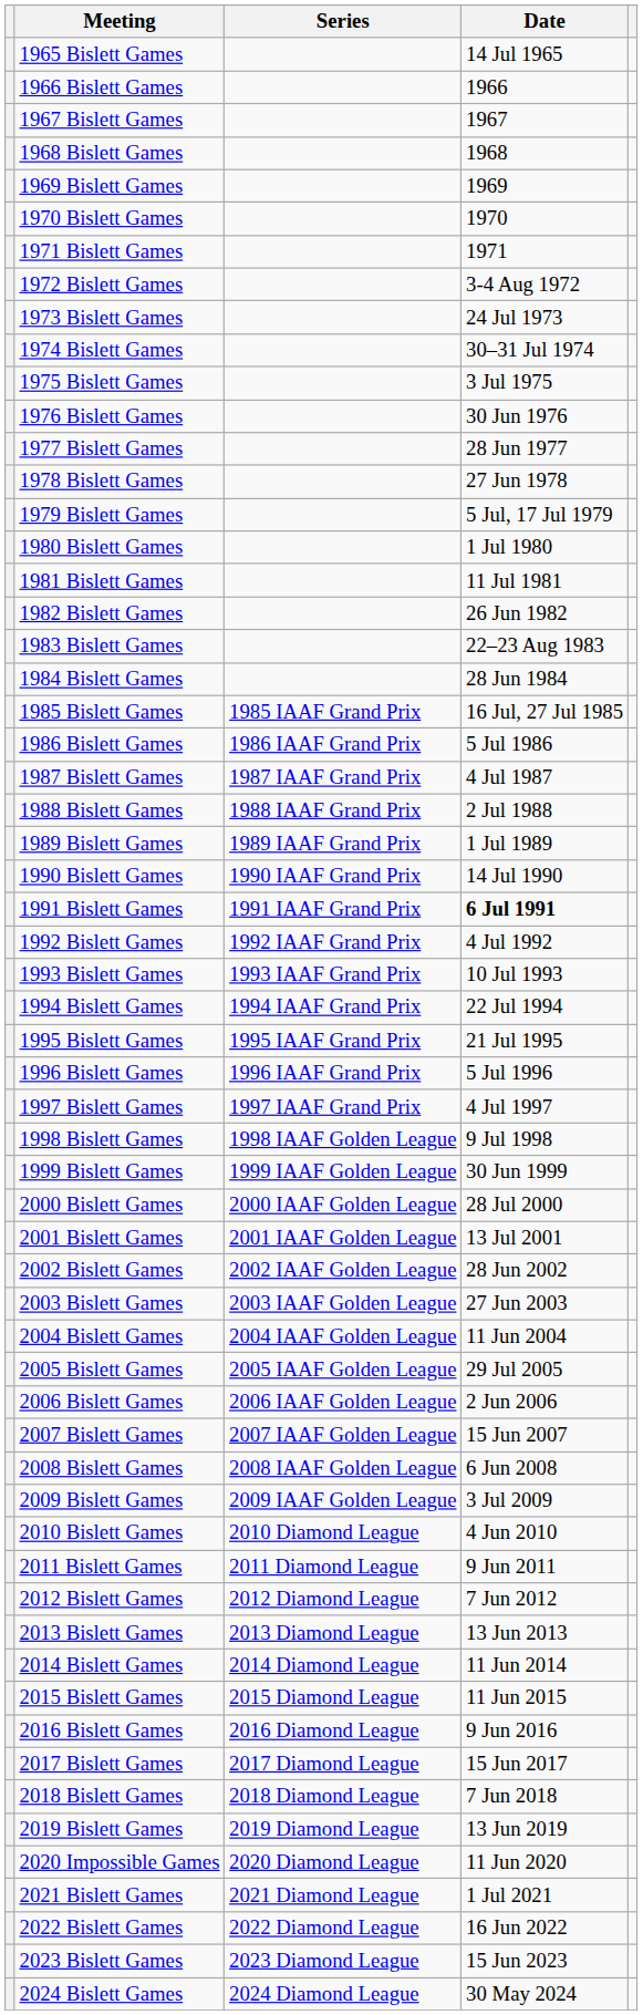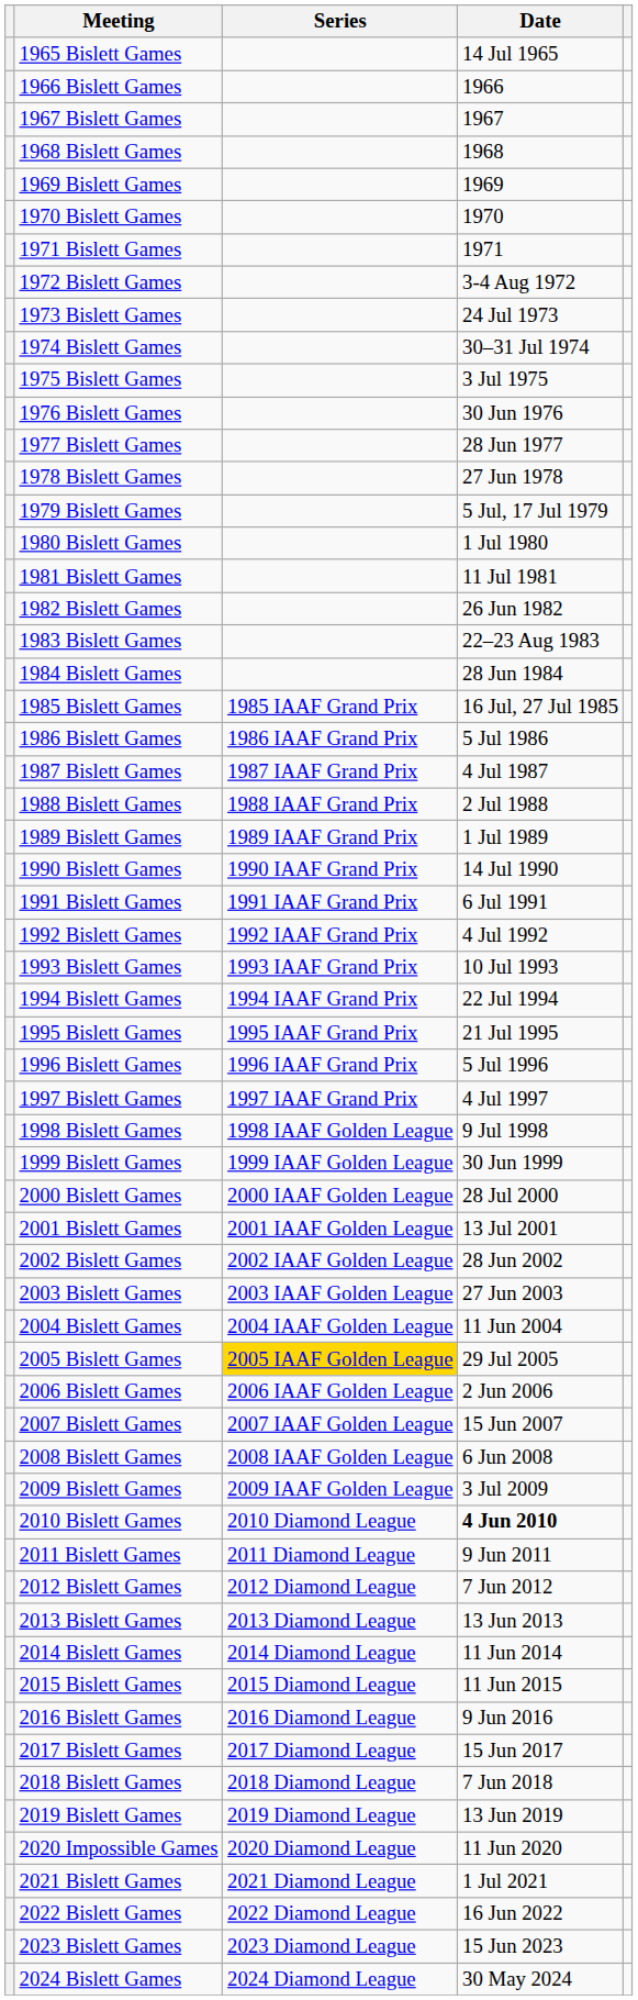 <table class="wikitable plainrowheaders sticky-header defaultleft col4right">
 <tr>
 <th scope="col"></th>
 <th scope="col">Meeting</th>
 <th scope="col">Series</th>
 <th scope="col">Date</th>
 <th scope="col"></th>
 </tr>
 <tr>
 <th scope="row"></th>
 <td><a href='#'>1965 Bislett Games</a></td>
 <td></td>
 <td>14 Jul 1965</td>
 <td></td>
 </tr>
 <tr>
 <th scope="row"></th>
 <td><a href='#'>1966 Bislett Games</a></td>
 <td></td>
 <td>1966</td>
 <td></td>
 </tr>
 <tr>
 <th scope="row"></th>
 <td><a href='#'>1967 Bislett Games</a></td>
 <td></td>
 <td>1967</td>
 <td></td>
 </tr>
 <tr>
 <th scope="row"></th>
 <td><a href='#'>1968 Bislett Games</a></td>
 <td></td>
 <td>1968</td>
 <td></td>
 </tr>
 <tr>
 <th scope="row"></th>
 <td><a href='#'>1969 Bislett Games</a></td>
 <td></td>
 <td>1969</td>
 <td></td>
 </tr>
 <tr>
 <th scope="row"></th>
 <td><a href='#'>1970 Bislett Games</a></td>
 <td></td>
 <td>1970</td>
 <td></td>
 </tr>
 <tr>
 <th scope="row"></th>
 <td><a href='#'>1971 Bislett Games</a></td>
 <td></td>
 <td>1971</td>
 <td></td>
 </tr>
 <tr>
 <th scope="row"></th>
 <td><a href='#'>1972 Bislett Games</a></td>
 <td></td>
 <td>3-4 Aug 1972</td>
 <td></td>
 </tr>
 <tr>
 <th scope="row"></th>
 <td><a href='#'>1973 Bislett Games</a></td>
 <td></td>
 <td>24 Jul 1973</td>
 <td></td>
 </tr>
 <tr>
 <th scope="row"></th>
 <td><a href='#'>1974 Bislett Games</a></td>
 <td></td>
 <td>30–31 Jul 1974</td>
 <td></td>
 </tr>
 <tr>
 <th scope="row"></th>
 <td><a href='#'>1975 Bislett Games</a></td>
 <td></td>
 <td>3 Jul 1975</td>
 <td></td>
 </tr>
 <tr>
 <th scope="row"></th>
 <td><a href='#'>1976 Bislett Games</a></td>
 <td></td>
 <td>30 Jun 1976</td>
 <td></td>
 </tr>
 <tr>
 <th scope="row"></th>
 <td><a href='#'>1977 Bislett Games</a></td>
 <td></td>
 <td>28 Jun 1977</td>
 <td></td>
 </tr>
 <tr>
 <th scope="row"></th>
 <td><a href='#'>1978 Bislett Games</a></td>
 <td></td>
 <td>27 Jun 1978</td>
 <td></td>
 </tr>
 <tr>
 <th scope="row"></th>
 <td><a href='#'>1979 Bislett Games</a></td>
 <td></td>
 <td>5 Jul, 17 Jul 1979</td>
 <td></td>
 </tr>
 <tr>
 <th scope="row"></th>
 <td><a href='#'>1980 Bislett Games</a></td>
 <td></td>
 <td>1 Jul 1980</td>
 <td></td>
 </tr>
 <tr>
 <th scope="row"></th>
 <td><a href='#'>1981 Bislett Games</a></td>
 <td></td>
 <td>11 Jul 1981</td>
 <td></td>
 </tr>
 <tr>
 <th scope="row"></th>
 <td><a href='#'>1982 Bislett Games</a></td>
 <td></td>
 <td>26 Jun 1982</td>
 <td></td>
 </tr>
 <tr>
 <th scope="row"></th>
 <td><a href='#'>1983 Bislett Games</a></td>
 <td></td>
 <td>22–23 Aug 1983</td>
 <td></td>
 </tr>
 <tr>
 <th scope="row"></th>
 <td><a href='#'>1984 Bislett Games</a></td>
 <td></td>
 <td>28 Jun 1984</td>
 <td></td>
 </tr>
 <tr>
 <th scope="row"></th>
 <td><a href='#'>1985 Bislett Games</a></td>
 <td><a href='#'>1985 IAAF Grand Prix</a></td>
 <td>16 Jul, 27 Jul 1985</td>
 <td></td>
 </tr>
 <tr>
 <th scope="row"></th>
 <td><a href='#'>1986 Bislett Games</a></td>
 <td><a href='#'>1986 IAAF Grand Prix</a></td>
 <td>5 Jul 1986</td>
 <td></td>
 </tr>
 <tr>
 <th scope="row"></th>
 <td><a href='#'>1987 Bislett Games</a></td>
 <td><a href='#'>1987 IAAF Grand Prix</a></td>
 <td>4 Jul 1987</td>
 <td></td>
 </tr>
 <tr>
 <th scope="row"></th>
 <td><a href='#'>1988 Bislett Games</a></td>
 <td><a href='#'>1988 IAAF Grand Prix</a></td>
 <td>2 Jul 1988</td>
 <td></td>
 </tr>
 <tr>
 <th scope="row"></th>
 <td><a href='#'>1989 Bislett Games</a></td>
 <td><a href='#'>1989 IAAF Grand Prix</a></td>
 <td>1 Jul 1989</td>
 <td></td>
 </tr>
 <tr>
 <th scope="row"></th>
 <td><a href='#'>1990 Bislett Games</a></td>
 <td><a href='#'>1990 IAAF Grand Prix</a></td>
 <td>14 Jul 1990</td>
 <td></td>
 </tr>
 <tr>
 <th scope="row"></th>
 <td><a href='#'>1991 Bislett Games</a></td>
 <td><a href='#'>1991 IAAF Grand Prix</a></td>
-<td><strong>6 Jul 1991</strong></td>
+<td>6 Jul 1991</td>
 <td></td>
 </tr>
 <tr>
 <th scope="row"></th>
 <td><a href='#'>1992 Bislett Games</a></td>
 <td><a href='#'>1992 IAAF Grand Prix</a></td>
 <td>4 Jul 1992</td>
 <td></td>
 </tr>
 <tr>
 <th scope="row"></th>
 <td><a href='#'>1993 Bislett Games</a></td>
 <td><a href='#'>1993 IAAF Grand Prix</a></td>
 <td>10 Jul 1993</td>
 <td></td>
 </tr>
 <tr>
 <th scope="row"></th>
 <td><a href='#'>1994 Bislett Games</a></td>
 <td><a href='#'>1994 IAAF Grand Prix</a></td>
 <td>22 Jul 1994</td>
 <td></td>
 </tr>
 <tr>
 <th scope="row"></th>
 <td><a href='#'>1995 Bislett Games</a></td>
 <td><a href='#'>1995 IAAF Grand Prix</a></td>
 <td>21 Jul 1995</td>
 <td></td>
 </tr>
 <tr>
 <th scope="row"></th>
 <td><a href='#'>1996 Bislett Games</a></td>
 <td><a href='#'>1996 IAAF Grand Prix</a></td>
 <td>5 Jul 1996</td>
 <td></td>
 </tr>
 <tr>
 <th scope="row"></th>
 <td><a href='#'>1997 Bislett Games</a></td>
 <td><a href='#'>1997 IAAF Grand Prix</a></td>
 <td>4 Jul 1997</td>
 <td></td>
 </tr>
 <tr>
 <th scope="row"></th>
 <td><a href='#'>1998 Bislett Games</a></td>
 <td><a href='#'>1998 IAAF Golden League</a></td>
 <td>9 Jul 1998</td>
 <td></td>
 </tr>
 <tr>
 <th scope="row"></th>
 <td><a href='#'>1999 Bislett Games</a></td>
 <td><a href='#'>1999 IAAF Golden League</a></td>
 <td>30 Jun 1999</td>
 <td></td>
 </tr>
 <tr>
 <th scope="row"></th>
 <td><a href='#'>2000 Bislett Games</a></td>
 <td><a href='#'>2000 IAAF Golden League</a></td>
 <td>28 Jul 2000</td>
 <td></td>
 </tr>
 <tr>
 <th scope="row"></th>
 <td><a href='#'>2001 Bislett Games</a></td>
 <td><a href='#'>2001 IAAF Golden League</a></td>
 <td>13 Jul 2001</td>
 <td></td>
 </tr>
 <tr>
 <th scope="row"></th>
 <td><a href='#'>2002 Bislett Games</a></td>
 <td><a href='#'>2002 IAAF Golden League</a></td>
 <td>28 Jun 2002</td>
 <td></td>
 </tr>
 <tr>
 <th scope="row"></th>
 <td><a href='#'>2003 Bislett Games</a></td>
 <td><a href='#'>2003 IAAF Golden League</a></td>
 <td>27 Jun 2003</td>
 <td></td>
 </tr>
 <tr>
 <th scope="row"></th>
 <td><a href='#'>2004 Bislett Games</a></td>
 <td><a href='#'>2004 IAAF Golden League</a></td>
 <td>11 Jun 2004</td>
 <td></td>
 </tr>
 <tr>
 <th scope="row"></th>
 <td><a href='#'>2005 Bislett Games</a></td>
-<td><a href='#'>2005 IAAF Golden League</a></td>
+<td style="background: gold;"><a href='#'>2005 IAAF Golden League</a></td>
 <td>29 Jul 2005</td>
 <td></td>
 </tr>
 <tr>
 <th scope="row"></th>
 <td><a href='#'>2006 Bislett Games</a></td>
 <td><a href='#'>2006 IAAF Golden League</a></td>
 <td>2 Jun 2006</td>
 <td></td>
 </tr>
 <tr>
 <th scope="row"></th>
 <td><a href='#'>2007 Bislett Games</a></td>
 <td><a href='#'>2007 IAAF Golden League</a></td>
 <td>15 Jun 2007</td>
 <td></td>
 </tr>
 <tr>
 <th scope="row"></th>
 <td><a href='#'>2008 Bislett Games</a></td>
 <td><a href='#'>2008 IAAF Golden League</a></td>
 <td>6 Jun 2008</td>
 <td></td>
 </tr>
 <tr>
 <th scope="row"></th>
 <td><a href='#'>2009 Bislett Games</a></td>
 <td><a href='#'>2009 IAAF Golden League</a></td>
 <td>3 Jul 2009</td>
 <td></td>
 </tr>
 <tr>
 <th scope="row"></th>
 <td><a href='#'>2010 Bislett Games</a></td>
 <td><a href='#'>2010 Diamond League</a></td>
-<td>4 Jun 2010</td>
+<td><strong>4 Jun 2010</strong></td>
 <td></td>
 </tr>
 <tr>
 <th scope="row"></th>
 <td><a href='#'>2011 Bislett Games</a></td>
 <td><a href='#'>2011 Diamond League</a></td>
 <td>9 Jun 2011</td>
 <td></td>
 </tr>
 <tr>
 <th scope="row"></th>
 <td><a href='#'>2012 Bislett Games</a></td>
 <td><a href='#'>2012 Diamond League</a></td>
 <td>7 Jun 2012</td>
 <td></td>
 </tr>
 <tr>
 <th scope="row"></th>
 <td><a href='#'>2013 Bislett Games</a></td>
 <td><a href='#'>2013 Diamond League</a></td>
 <td>13 Jun 2013</td>
 <td></td>
 </tr>
 <tr>
 <th scope="row"></th>
 <td><a href='#'>2014 Bislett Games</a></td>
 <td><a href='#'>2014 Diamond League</a></td>
 <td>11 Jun 2014</td>
 <td></td>
 </tr>
 <tr>
 <th scope="row"></th>
 <td><a href='#'>2015 Bislett Games</a></td>
 <td><a href='#'>2015 Diamond League</a></td>
 <td>11 Jun 2015</td>
 <td></td>
 </tr>
 <tr>
 <th scope="row"></th>
 <td><a href='#'>2016 Bislett Games</a></td>
 <td><a href='#'>2016 Diamond League</a></td>
 <td>9 Jun 2016</td>
 <td></td>
 </tr>
 <tr>
 <th scope="row"></th>
 <td><a href='#'>2017 Bislett Games</a></td>
 <td><a href='#'>2017 Diamond League</a></td>
 <td>15 Jun 2017</td>
 <td></td>
 </tr>
 <tr>
 <th scope="row"></th>
 <td><a href='#'>2018 Bislett Games</a></td>
 <td><a href='#'>2018 Diamond League</a></td>
 <td>7 Jun 2018</td>
 <td></td>
 </tr>
 <tr>
 <th scope="row"></th>
 <td><a href='#'>2019 Bislett Games</a></td>
 <td><a href='#'>2019 Diamond League</a></td>
 <td>13 Jun 2019</td>
 <td></td>
 </tr>
 <tr>
 <th scope="row"></th>
 <td><a href='#'>2020 Impossible Games</a></td>
 <td><a href='#'>2020 Diamond League</a></td>
 <td>11 Jun 2020</td>
 <td></td>
 </tr>
 <tr>
 <th scope="row"></th>
 <td><a href='#'>2021 Bislett Games</a></td>
 <td><a href='#'>2021 Diamond League</a></td>
 <td>1 Jul 2021</td>
 <td></td>
 </tr>
 <tr>
 <th scope="row"></th>
 <td><a href='#'>2022 Bislett Games</a></td>
 <td><a href='#'>2022 Diamond League</a></td>
 <td>16 Jun 2022</td>
 <td></td>
 </tr>
 <tr>
 <th scope="row"></th>
 <td><a href='#'>2023 Bislett Games</a></td>
 <td><a href='#'>2023 Diamond League</a></td>
 <td>15 Jun 2023</td>
 <td></td>
 </tr>
 <tr>
 <th scope="row"></th>
 <td><a href='#'>2024 Bislett Games</a></td>
 <td><a href='#'>2024 Diamond League</a></td>
 <td>30 May 2024</td>
 <td></td>
 </tr>
 </table>
